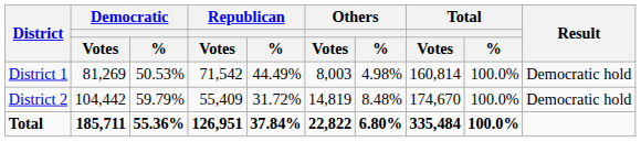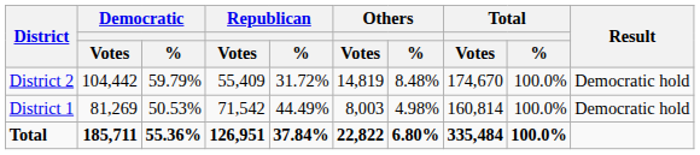 <table class="wikitable plainrowheaders sortable" style="font-size:100%; text-align:right;">
 <tr>
 <th scope=col rowspan=3><a href='#'>District</a></th>
 <th scope=col colspan=2><a href='#'>Democratic</a></th>
 <th scope=col colspan=2><a href='#'>Republican</a></th>
 <th scope=col colspan=2>Others</th>
 <th scope=col colspan=2>Total</th>
 <th scope=col rowspan=3>Result</th>
 </tr>
 <tr>
 <th scope=col colspan=2 style="background:"></th>
 <th scope=col colspan=2 style="background:"></th>
 <th scope=col colspan=2></th>
 <th scope=col colspan=2></th>
 </tr>
 <tr>
 <th scope=col data-sort-type="number">Votes</th>
 <th scope=col data-sort-type="number">%</th>
 <th scope=col data-sort-type="number">Votes</th>
 <th scope=col data-sort-type="number">%</th>
 <th scope=col data-sort-type="number">Votes</th>
 <th scope=col data-sort-type="number">%</th>
 <th scope=col data-sort-type="number">Votes</th>
 <th scope=col data-sort-type="number">%</th>
 </tr>
 <tr>
+<td align=left><a href='#'>District 2</a></td>
+<td>104,442</td>
+<td>59.79%</td>
+<td>55,409</td>
+<td>31.72%</td>
+<td>14,819</td>
+<td>8.48%</td>
+<td>174,670</td>
+<td>100.0%</td>
+<td align=left>Democratic hold</td>
+</tr>
+<tr>
 <td align=left><a href='#'>District 1</a></td>
 <td>81,269</td>
 <td>50.53%</td>
 <td>71,542</td>
 <td>44.49%</td>
 <td>8,003</td>
 <td>4.98%</td>
 <td>160,814</td>
-<td>100.0%</td>
-<td align=left>Democratic hold</td>
-</tr>
-<tr>
-<td align=left><a href='#'>District 2</a></td>
-<td>104,442</td>
-<td>59.79%</td>
-<td>55,409</td>
-<td>31.72%</td>
-<td>14,819</td>
-<td>8.48%</td>
-<td>174,670</td>
 <td>100.0%</td>
 <td align=left>Democratic hold</td>
 </tr>
 <tr class="sortbottom" style="font-weight:bold">
 <td align=left>Total</td>
 <td>185,711</td>
 <td>55.36%</td>
 <td>126,951</td>
 <td>37.84%</td>
 <td>22,822</td>
 <td>6.80%</td>
 <td>335,484</td>
 <td>100.0%</td>
 <td></td>
 </tr>
 </table>
